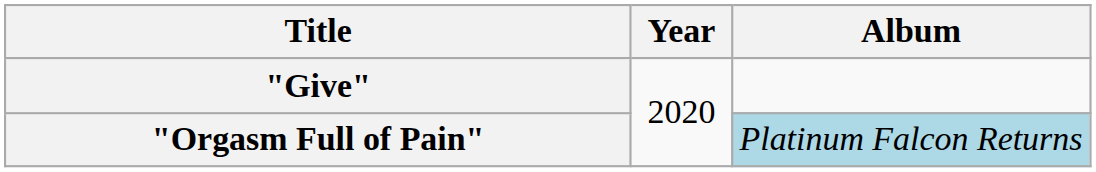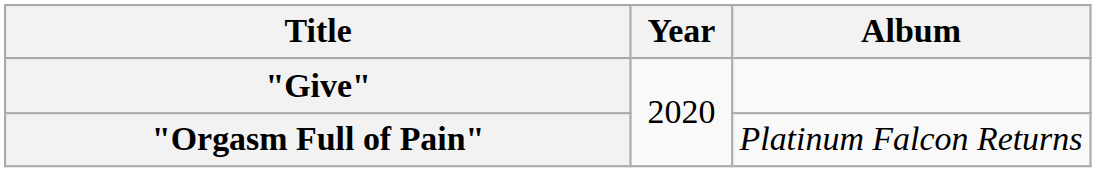 <table class="wikitable plainrowheaders" style="text-align:center;">
 <tr>
 <th scope="col" rowspan="1" style="width:18em;">Title</th>
 <th scope="col" rowspan="1" style="width:2.5em;">Year</th>
 <th scope="col" rowspan="1">Album</th>
 </tr>
 <tr>
 <th scope="row">"Give"<br></th>
 <td rowspan="2">2020</td>
 <td></td>
 </tr>
 <tr>
 <th scope="row">"Orgasm Full of Pain"<br></th>
-<td style="background: lightblue;"><em>Platinum Falcon Returns</em></td>
+<td><em>Platinum Falcon Returns</em></td>
 </tr>
 </table>
